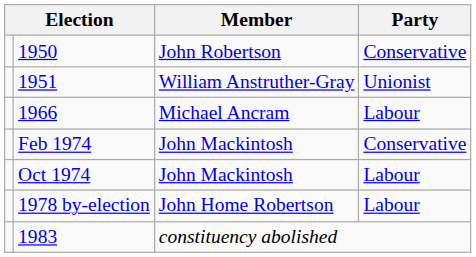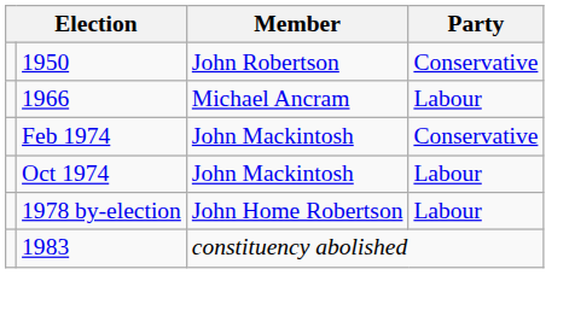 <table class="wikitable">
 <tr>
 <th colspan="2">Election</th>
 <th>Member</th>
 <th>Party</th>
 </tr>
 <tr>
 <td style="color:inherit;background-color: "></td>
 <td><a href='#'>1950</a></td>
 <td><a href='#'>John Robertson</a></td>
 <td><a href='#'>Conservative</a></td>
-</tr>
-<tr>
-<td style="color:inherit;background-color: "></td>
-<td><a href='#'>1951</a></td>
-<td><a href='#'>William Anstruther-Gray</a></td>
-<td><a href='#'>Unionist</a></td>
 </tr>
 <tr>
 <td style="color:inherit;background-color: "></td>
 <td><a href='#'>1966</a></td>
 <td><a href='#'>Michael Ancram</a></td>
 <td><a href='#'>Labour</a></td>
 </tr>
 <tr>
 <td style="color:inherit;background-color: "></td>
 <td><a href='#'>Feb 1974</a></td>
 <td><a href='#'>John Mackintosh</a></td>
 <td><a href='#'>Conservative</a></td>
 </tr>
 <tr>
 <td style="color:inherit;background-color: "></td>
 <td><a href='#'>Oct 1974</a></td>
 <td><a href='#'>John Mackintosh</a></td>
 <td><a href='#'>Labour</a></td>
 </tr>
 <tr>
 <td style="color:inherit;background-color: "></td>
 <td><a href='#'>1978 by-election</a></td>
 <td><a href='#'>John Home Robertson</a></td>
 <td><a href='#'>Labour</a></td>
 </tr>
 <tr>
 <td></td>
 <td><a href='#'>1983</a></td>
 <td colspan="2"><em>constituency abolished</em></td>
 </tr>
 </table>
